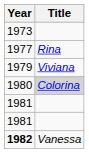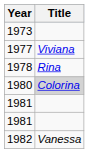 <table class="wikitable">
 <tr style="background:#b0c4de;">
 <th>Year</th>
 <th>Title</th>
 </tr>
 <tr>
 <td>1973</td>
 <td><em></em></td>
 </tr>
 <tr>
 <td>1977</td>
-<td><em><a href='#'>Rina</a></em></td>
+<td><em><a href='#'>Viviana</a></em></td>
 </tr>
 <tr>
-<td>1979</td>
-<td><em><a href='#'>Viviana</a></em></td>
+<td>1978</td>
+<td><em><a href='#'>Rina</a></em></td>
 </tr>
 <tr>
 <td>1980</td>
 <td style="background: lightgrey;"><em><a href='#'>Colorina</a></em></td>
 </tr>
 <tr>
 <td>1981</td>
 <td><em></em></td>
 </tr>
 <tr>
 <td>1981</td>
 <td><em></em></td>
 </tr>
 <tr>
-<td><strong>1982</strong></td>
+<td>1982</td>
 <td><em>Vanessa</em></td>
 </tr>
 </table>
